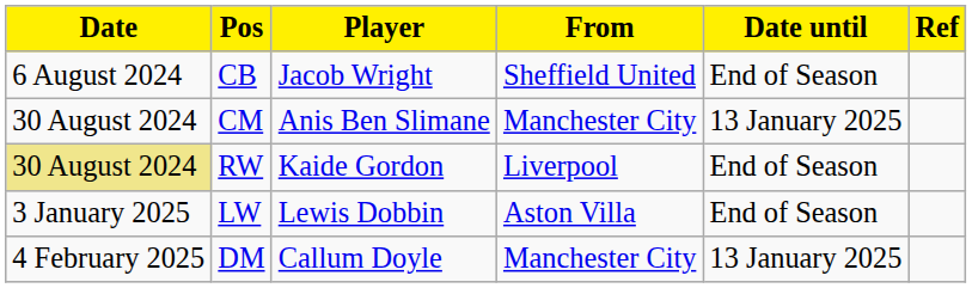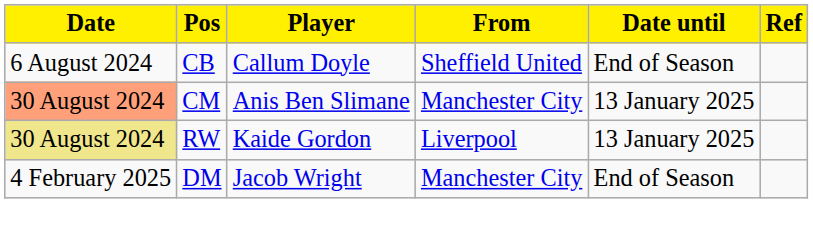 <table class="wikitable plainrowheaders sortable">
 <tr>
 <th style="background:#fff000;color:#000000;">Date</th>
 <th style="background:#fff000;color:#000000;">Pos</th>
 <th style="background:#fff000;color:#000000;">Player</th>
 <th style="background:#fff000;color:#000000;">From</th>
 <th style="background:#fff000;color:#000000;">Date until</th>
 <th style="background:#fff000;color:#000000;">Ref</th>
 </tr>
 <tr>
 <td>6 August 2024</td>
 <td><a href='#'>CB</a></td>
-<td> <a href='#'>Jacob Wright</a></td>
+<td> <a href='#'>Callum Doyle</a></td>
 <td> <a href='#'>Sheffield United</a></td>
 <td>End of Season</td>
 <td></td>
 </tr>
 <tr>
-<td>30 August 2024</td>
+<td style="background: lightsalmon;">30 August 2024</td>
 <td><a href='#'>CM</a></td>
 <td> <a href='#'>Anis Ben Slimane</a></td>
 <td> <a href='#'>Manchester City</a></td>
 <td>13 January 2025</td>
 <td></td>
 </tr>
 <tr>
 <td style="background: khaki;">30 August 2024</td>
 <td><a href='#'>RW</a></td>
 <td> <a href='#'>Kaide Gordon</a></td>
 <td> <a href='#'>Liverpool</a></td>
-<td>End of Season</td>
-<td></td>
-</tr>
-<tr>
-<td>3 January 2025</td>
-<td><a href='#'>LW</a></td>
-<td> <a href='#'>Lewis Dobbin</a></td>
-<td> <a href='#'>Aston Villa</a></td>
-<td>End of Season</td>
+<td>13 January 2025</td>
 <td></td>
 </tr>
 <tr>
 <td>4 February 2025</td>
 <td><a href='#'>DM</a></td>
-<td> <a href='#'>Callum Doyle</a></td>
+<td> <a href='#'>Jacob Wright</a></td>
 <td> <a href='#'>Manchester City</a></td>
-<td>13 January 2025</td>
+<td>End of Season</td>
 <td></td>
 </tr>
 </table>
